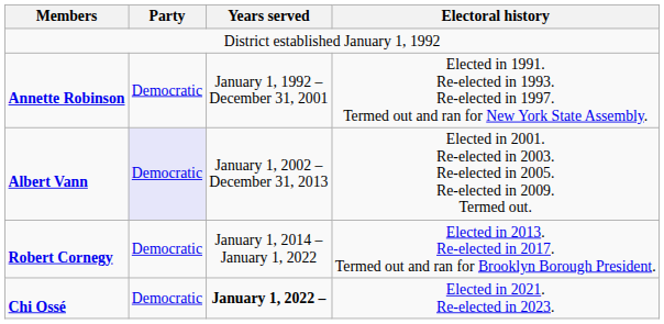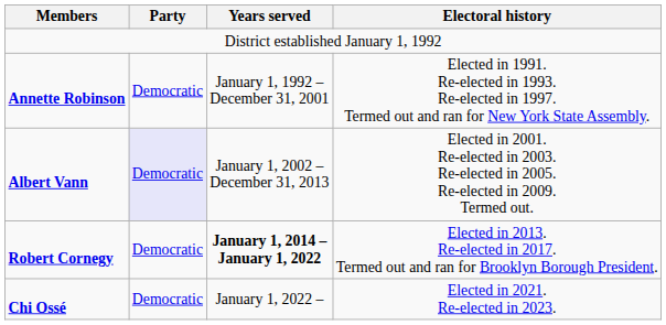 <table class=wikitable style="text-align:center">
 <tr>
 <th>Members</th>
 <th>Party</th>
 <th>Years served</th>
 <th>Electoral history</th>
 </tr>
 <tr>
 <td colspan=5>District established January 1, 1992</td>
 </tr>
 <tr>
 <td align=left><br><strong><a href='#'>Annette Robinson</a></strong><br></td>
 <td><a href='#'>Democratic</a></td>
 <td>January 1, 1992 – <br> December 31, 2001</td>
 <td>Elected in 1991. <br> Re-elected in 1993. <br> Re-elected in 1997. <br> Termed out and ran for <a href='#'>New York State Assembly</a>.</td>
 </tr>
 <tr>
 <td align=left><br><strong><a href='#'>Albert Vann</a></strong><br></td>
 <td style="background: lavender;"><a href='#'>Democratic</a></td>
 <td>January 1, 2002 – <br> December 31, 2013</td>
 <td>Elected in 2001. <br> Re-elected in 2003. <br> Re-elected in 2005. <br> Re-elected in 2009. <br> Termed out.</td>
 </tr>
 <tr>
 <td align=left><br><strong><a href='#'>Robert Cornegy</a></strong><br></td>
 <td><a href='#'>Democratic</a></td>
-<td>January 1, 2014 – <br> January 1, 2022</td>
+<td><strong>January 1, 2014 – <br> January 1, 2022</strong></td>
 <td><a href='#'>Elected in 2013</a>. <br> <a href='#'>Re-elected in 2017</a>. <br> Termed out and ran for <a href='#'>Brooklyn Borough President</a>.</td>
 </tr>
 <tr>
 <td align=left><br><strong><a href='#'>Chi Ossé</a></strong><br></td>
 <td><a href='#'>Democratic</a></td>
-<td><strong>January 1, 2022 – <br></strong></td>
+<td>January 1, 2022 – <br></td>
 <td><a href='#'>Elected in 2021</a>.<br> <a href='#'>Re-elected in 2023</a>.</td>
 </tr>
 </table>
